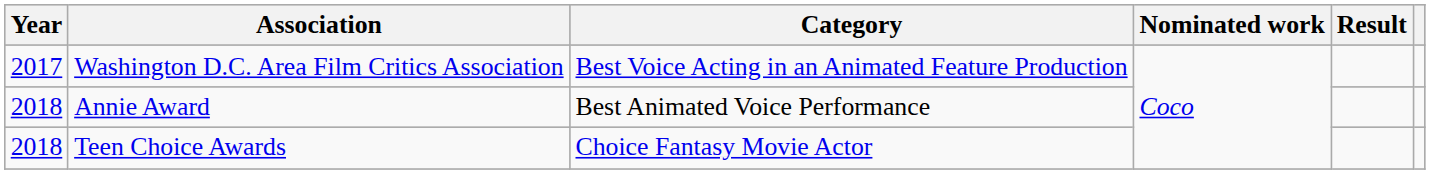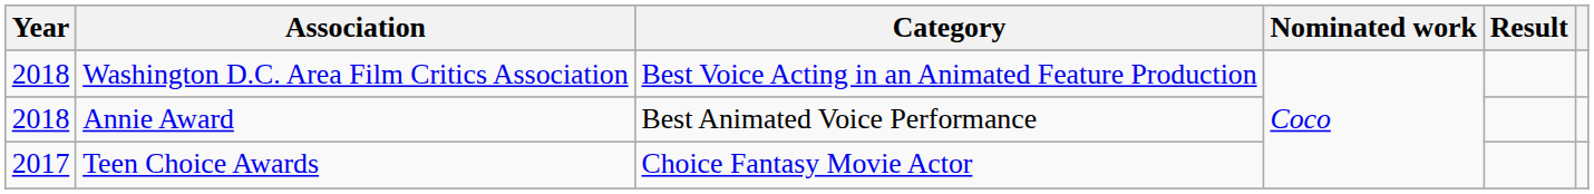 <table class="wikitable">
 <tr>
 <th>Year</th>
 <th>Association</th>
 <th>Category</th>
 <th>Nominated work</th>
 <th>Result</th>
 <th></th>
 </tr>
 <tr>
-<td><a href='#'>2017</a></td>
+<td><a href='#'>2018</a></td>
 <td><a href='#'>Washington D.C. Area Film Critics Association</a></td>
 <td><a href='#'>Best Voice Acting in an Animated Feature Production</a></td>
 <td rowspan=3><em><a href='#'>Coco</a></em></td>
 <td></td>
 <td style="tex t-align:center;"></td>
 </tr>
 <tr>
 <td><a href='#'>2018</a></td>
 <td><a href='#'>Annie Award</a></td>
 <td>Best Animated Voice Performance</td>
 <td></td>
 <td style="text-align:center;"></td>
 </tr>
 <tr>
-<td><a href='#'>2018</a></td>
+<td><a href='#'>2017</a></td>
 <td><a href='#'>Teen Choice Awards</a></td>
 <td><a href='#'>Choice Fantasy Movie Actor</a></td>
 <td></td>
 <td style="text-align:center;"></td>
 </tr>
 </table>
